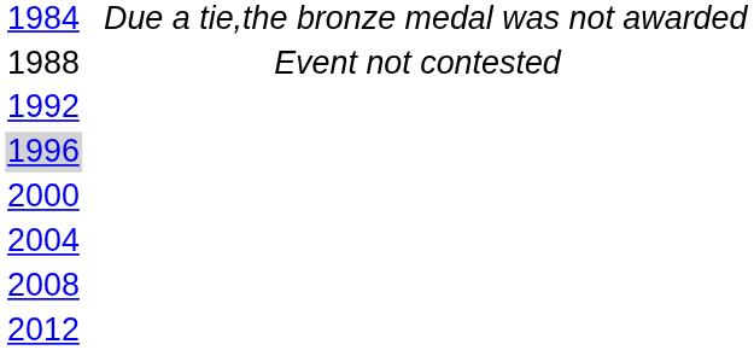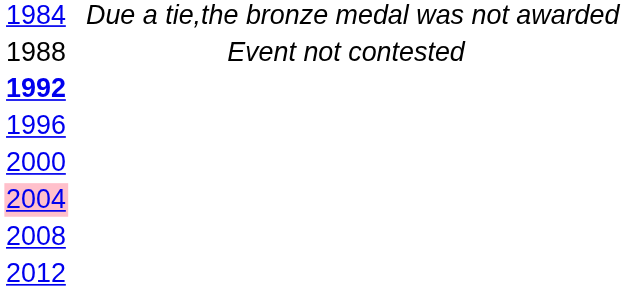 <table>
 <tr>
 <td rowspan="2"><a href='#'>1984</a></td>
 <td rowspan="2"></td>
 <td></td>
 <td rowspan="2"><em>Due a tie,the bronze medal was not awarded</em></td>
 </tr>
 <tr>
 <td></td>
 </tr>
 <tr>
 <td>1988</td>
 <td align=center colspan="3"><em>Event not contested</em></td>
 </tr>
 <tr>
-<td><a href='#'>1992</a></td>
+<td><strong><a href='#'>1992</a></strong></td>
 <td></td>
 <td></td>
 <td></td>
 </tr>
 <tr>
-<td style="background: lightgrey;"><a href='#'>1996</a></td>
+<td><a href='#'>1996</a></td>
 <td></td>
 <td></td>
 <td></td>
 </tr>
 <tr>
 <td><a href='#'>2000</a></td>
 <td></td>
 <td></td>
 <td></td>
 </tr>
 <tr>
-<td><a href='#'>2004</a></td>
+<td style="background: pink;"><a href='#'>2004</a></td>
 <td></td>
 <td></td>
 <td></td>
 </tr>
 <tr>
 <td><a href='#'>2008</a></td>
 <td></td>
 <td></td>
 <td></td>
 </tr>
 <tr>
 <td><a href='#'>2012</a></td>
 <td></td>
 <td></td>
 <td></td>
 </tr>
 </table>
